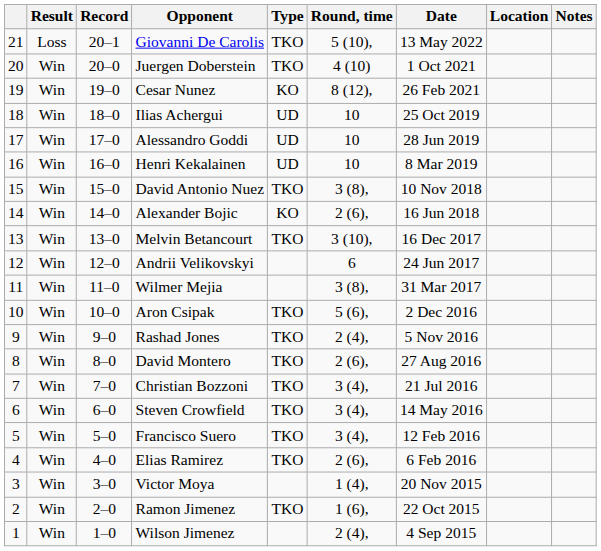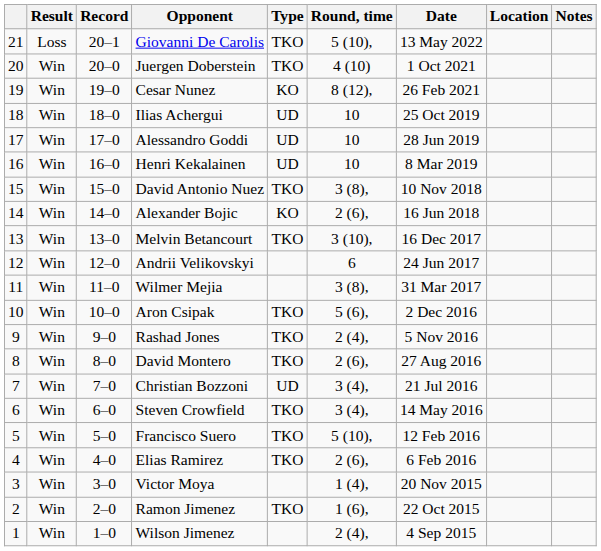 <table class="wikitable" style="text-align:center">
 <tr>
 <th></th>
 <th>Result</th>
 <th>Record</th>
 <th>Opponent</th>
 <th>Type</th>
 <th>Round, time</th>
 <th>Date</th>
 <th>Location</th>
 <th>Notes</th>
 </tr>
 <tr>
 <td>21</td>
 <td>Loss</td>
 <td>20–1</td>
 <td align=left> <a href='#'>Giovanni De Carolis</a></td>
 <td>TKO</td>
 <td>5 (10), </td>
 <td>13 May 2022</td>
 <td align=left></td>
 <td align=left></td>
 </tr>
 <tr>
 <td>20</td>
 <td>Win</td>
 <td>20–0</td>
 <td align=left> Juergen Doberstein</td>
 <td>TKO</td>
 <td>4 (10)</td>
 <td>1 Oct 2021</td>
 <td align=left></td>
 <td align=left></td>
 </tr>
 <tr>
 <td>19</td>
 <td>Win</td>
 <td>19–0</td>
 <td align=left> Cesar Nunez</td>
 <td>KO</td>
 <td>8 (12), </td>
 <td>26 Feb 2021</td>
 <td align=left></td>
 <td align=left></td>
 </tr>
 <tr>
 <td>18</td>
 <td>Win</td>
 <td>18–0</td>
 <td align=left> Ilias Achergui</td>
 <td>UD</td>
 <td>10</td>
 <td>25 Oct 2019</td>
 <td align=left></td>
 <td align=left></td>
 </tr>
 <tr>
 <td>17</td>
 <td>Win</td>
 <td>17–0</td>
 <td align=left> Alessandro Goddi</td>
 <td>UD</td>
 <td>10</td>
 <td>28 Jun 2019</td>
 <td align=left></td>
 <td align=left></td>
 </tr>
 <tr>
 <td>16</td>
 <td>Win</td>
 <td>16–0</td>
 <td align=left> Henri Kekalainen</td>
 <td>UD</td>
 <td>10</td>
 <td>8 Mar 2019</td>
 <td align=left></td>
 <td align=left></td>
 </tr>
 <tr>
 <td>15</td>
 <td>Win</td>
 <td>15–0</td>
 <td align=left> David Antonio Nuez</td>
 <td>TKO</td>
 <td>3 (8), </td>
 <td>10 Nov 2018</td>
 <td align=left></td>
 <td></td>
 </tr>
 <tr>
 <td>14</td>
 <td>Win</td>
 <td>14–0</td>
 <td align=left> Alexander Bojic</td>
 <td>KO</td>
 <td>2 (6), </td>
 <td>16 Jun 2018</td>
 <td align=left></td>
 <td></td>
 </tr>
 <tr>
 <td>13</td>
 <td>Win</td>
 <td>13–0</td>
 <td align=left> Melvin Betancourt</td>
 <td>TKO</td>
 <td>3 (10), </td>
 <td>16 Dec 2017</td>
 <td align=left></td>
 <td></td>
 </tr>
 <tr>
 <td>12</td>
 <td>Win</td>
 <td>12–0</td>
 <td align=left> Andrii Velikovskyi</td>
 <td></td>
 <td>6</td>
 <td>24 Jun 2017</td>
 <td align=left></td>
 <td></td>
 </tr>
 <tr>
 <td>11</td>
 <td>Win</td>
 <td>11–0</td>
 <td align=left> Wilmer Mejia</td>
 <td></td>
 <td>3 (8), </td>
 <td>31 Mar 2017</td>
 <td align=left></td>
 <td align=left></td>
 </tr>
 <tr>
 <td>10</td>
 <td>Win</td>
 <td>10–0</td>
 <td align=left> Aron Csipak</td>
 <td>TKO</td>
 <td>5 (6), </td>
 <td>2 Dec 2016</td>
 <td align=left></td>
 </tr>
 <tr>
 <td>9</td>
 <td>Win</td>
 <td>9–0</td>
 <td align=left> Rashad Jones</td>
 <td>TKO</td>
 <td>2 (4), </td>
 <td>5 Nov 2016</td>
 <td align=left></td>
 <td></td>
 </tr>
 <tr>
 <td>8</td>
 <td>Win</td>
 <td>8–0</td>
 <td align=left> David Montero</td>
 <td>TKO</td>
 <td>2 (6), </td>
 <td>27 Aug 2016</td>
 <td align=left></td>
 <td></td>
 </tr>
 <tr>
 <td>7</td>
 <td>Win</td>
 <td>7–0</td>
 <td align=left> Christian Bozzoni</td>
-<td>TKO</td>
+<td>UD</td>
 <td>3 (4), </td>
 <td>21 Jul 2016</td>
 <td align=left></td>
 <td></td>
 </tr>
 <tr>
 <td>6</td>
 <td>Win</td>
 <td>6–0</td>
 <td align=left> Steven Crowfield</td>
 <td>TKO</td>
 <td>3 (4), </td>
 <td>14 May 2016</td>
 <td align=left></td>
 <td></td>
 </tr>
 <tr>
 <td>5</td>
 <td>Win</td>
 <td>5–0</td>
 <td align=left> Francisco Suero</td>
 <td>TKO</td>
-<td>3 (4), </td>
+<td>5 (10), </td>
 <td>12 Feb 2016</td>
 <td align=left></td>
 <td></td>
 </tr>
 <tr>
 <td>4</td>
 <td>Win</td>
 <td>4–0</td>
 <td align=left> Elias Ramirez</td>
 <td>TKO</td>
 <td>2 (6), </td>
 <td>6 Feb 2016</td>
 <td align=left></td>
 <td></td>
 </tr>
 <tr>
 <td>3</td>
 <td>Win</td>
 <td>3–0</td>
 <td align=left> Victor Moya</td>
 <td></td>
 <td>1 (4), </td>
 <td>20 Nov 2015</td>
 <td align=left></td>
 <td></td>
 </tr>
 <tr>
 <td>2</td>
 <td>Win</td>
 <td>2–0</td>
 <td align=left> Ramon Jimenez</td>
 <td>TKO</td>
 <td>1 (6), </td>
 <td>22 Oct 2015</td>
 <td align=left></td>
 <td></td>
 </tr>
 <tr>
 <td>1</td>
 <td>Win</td>
 <td>1–0</td>
 <td align=left> Wilson Jimenez</td>
 <td></td>
 <td>2 (4), </td>
 <td>4 Sep 2015</td>
 <td align=left></td>
 <td></td>
 </tr>
 </table>
